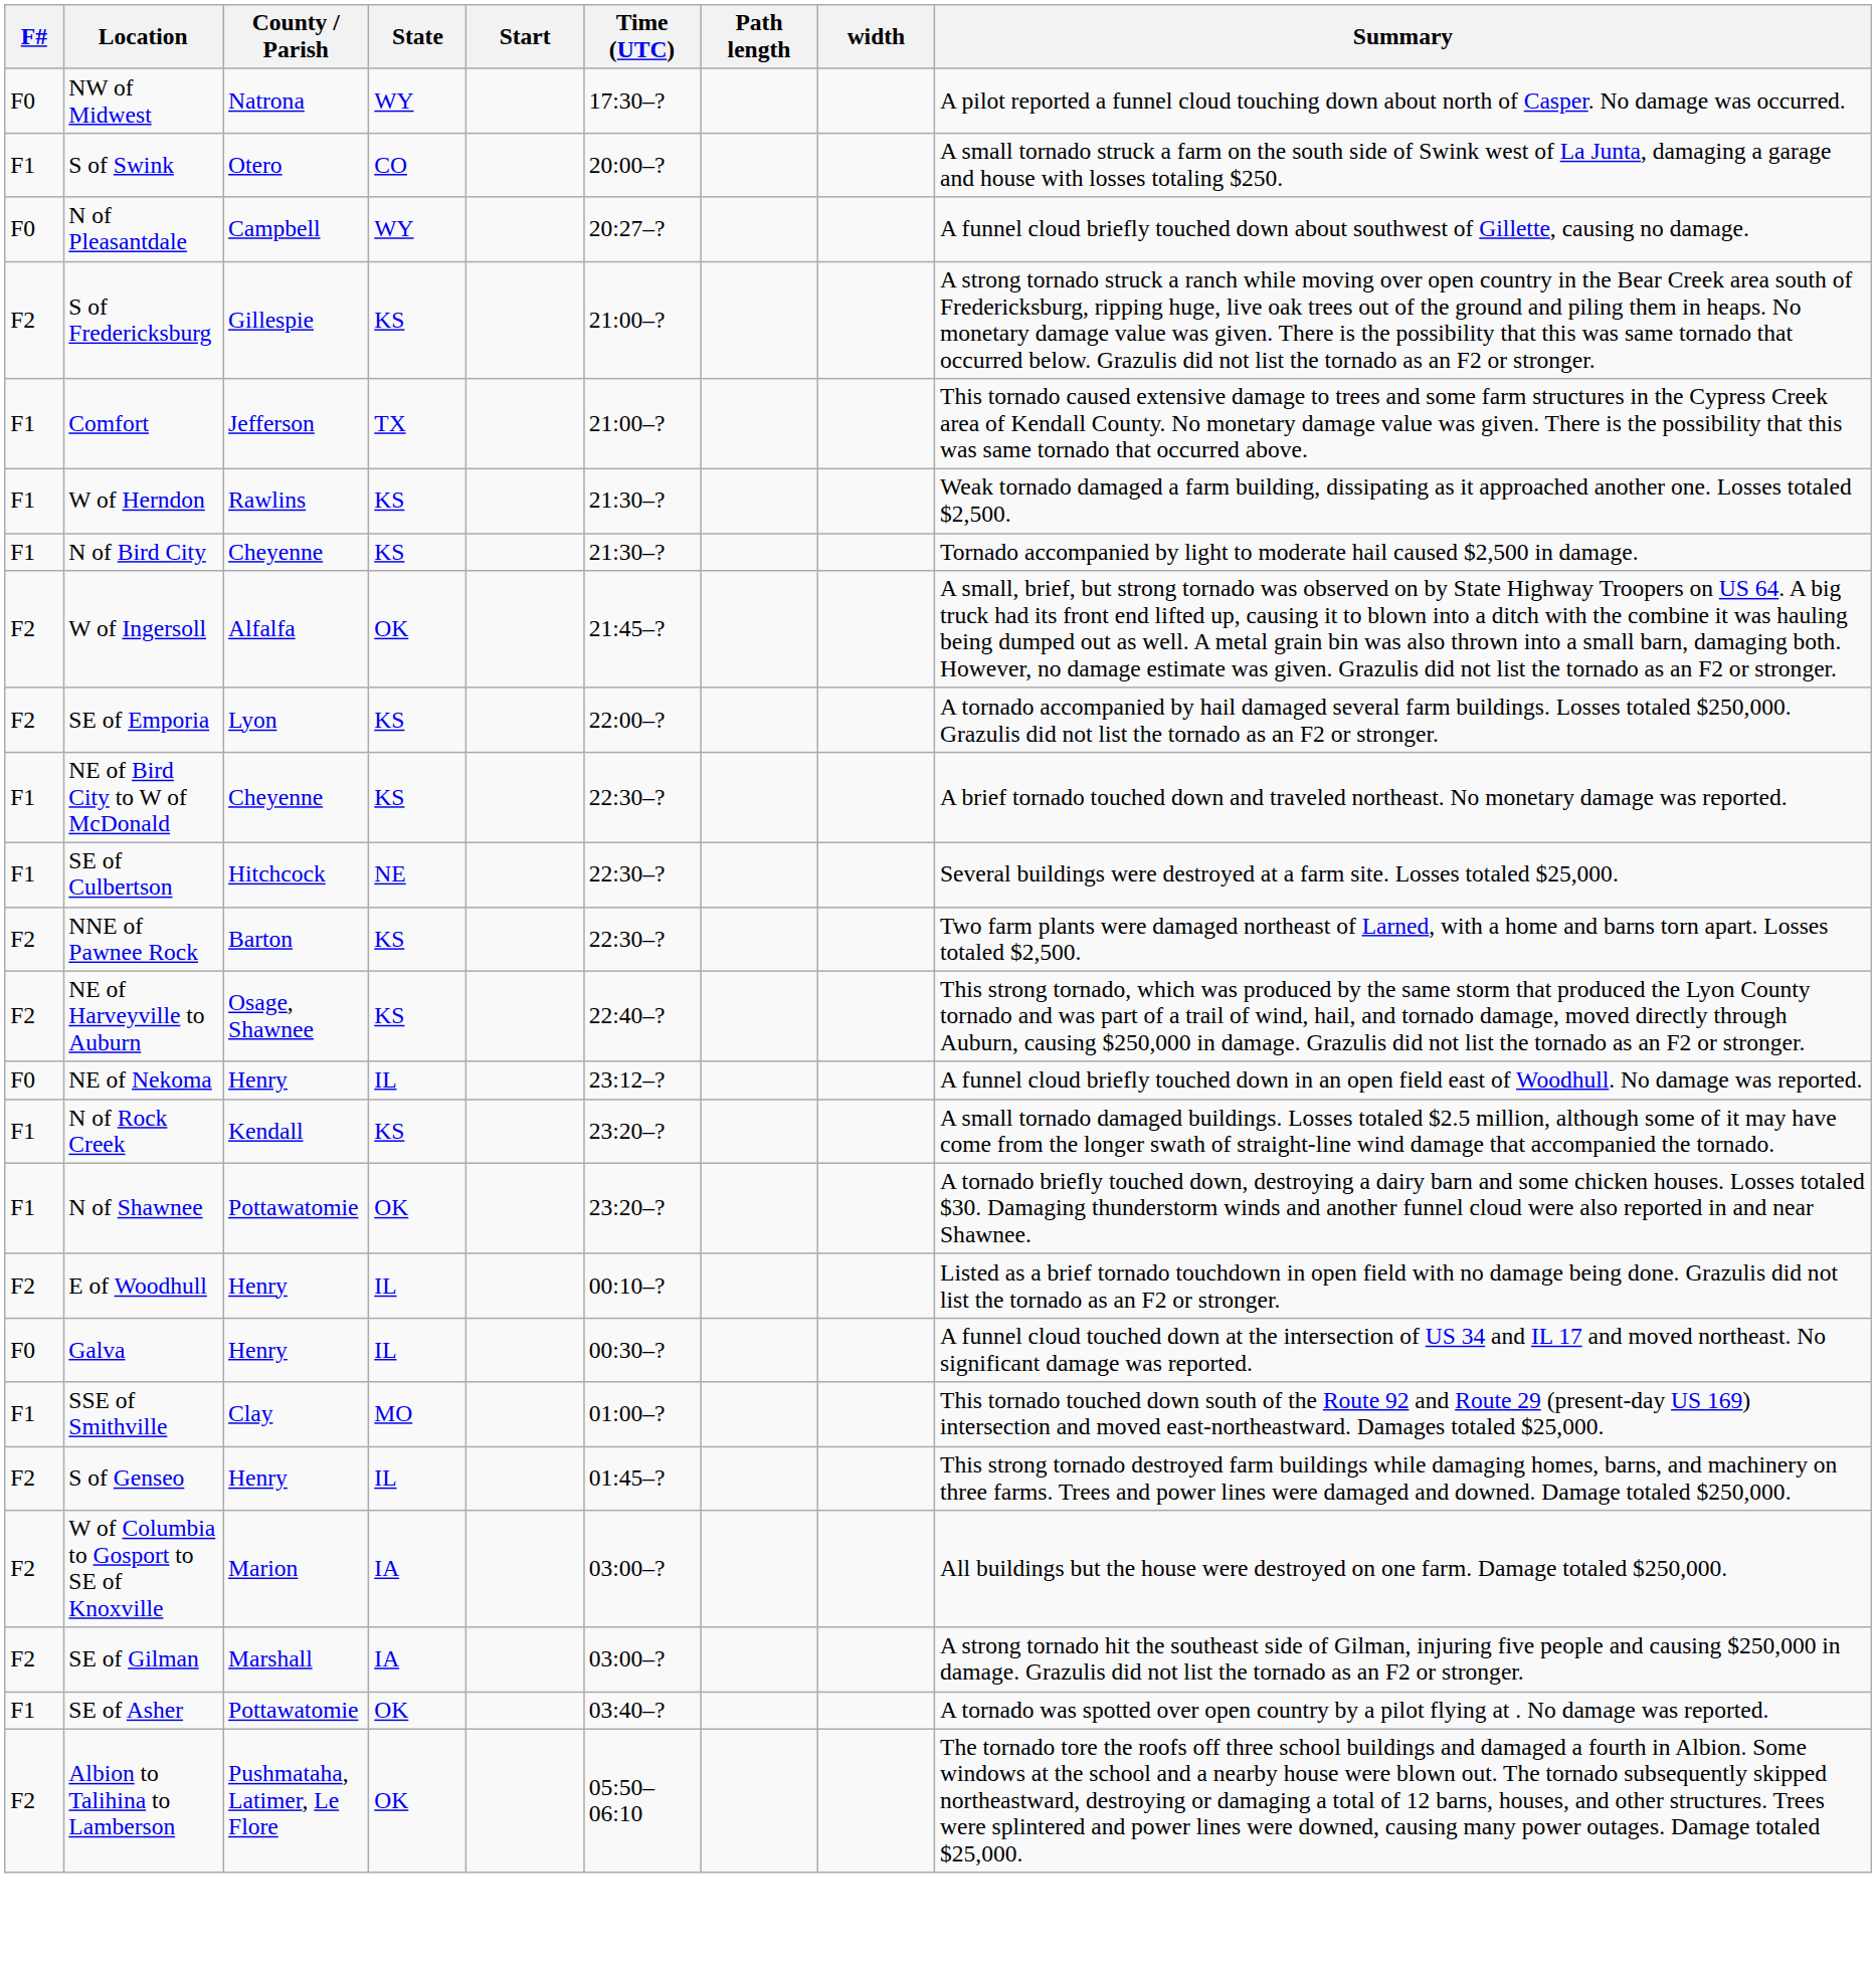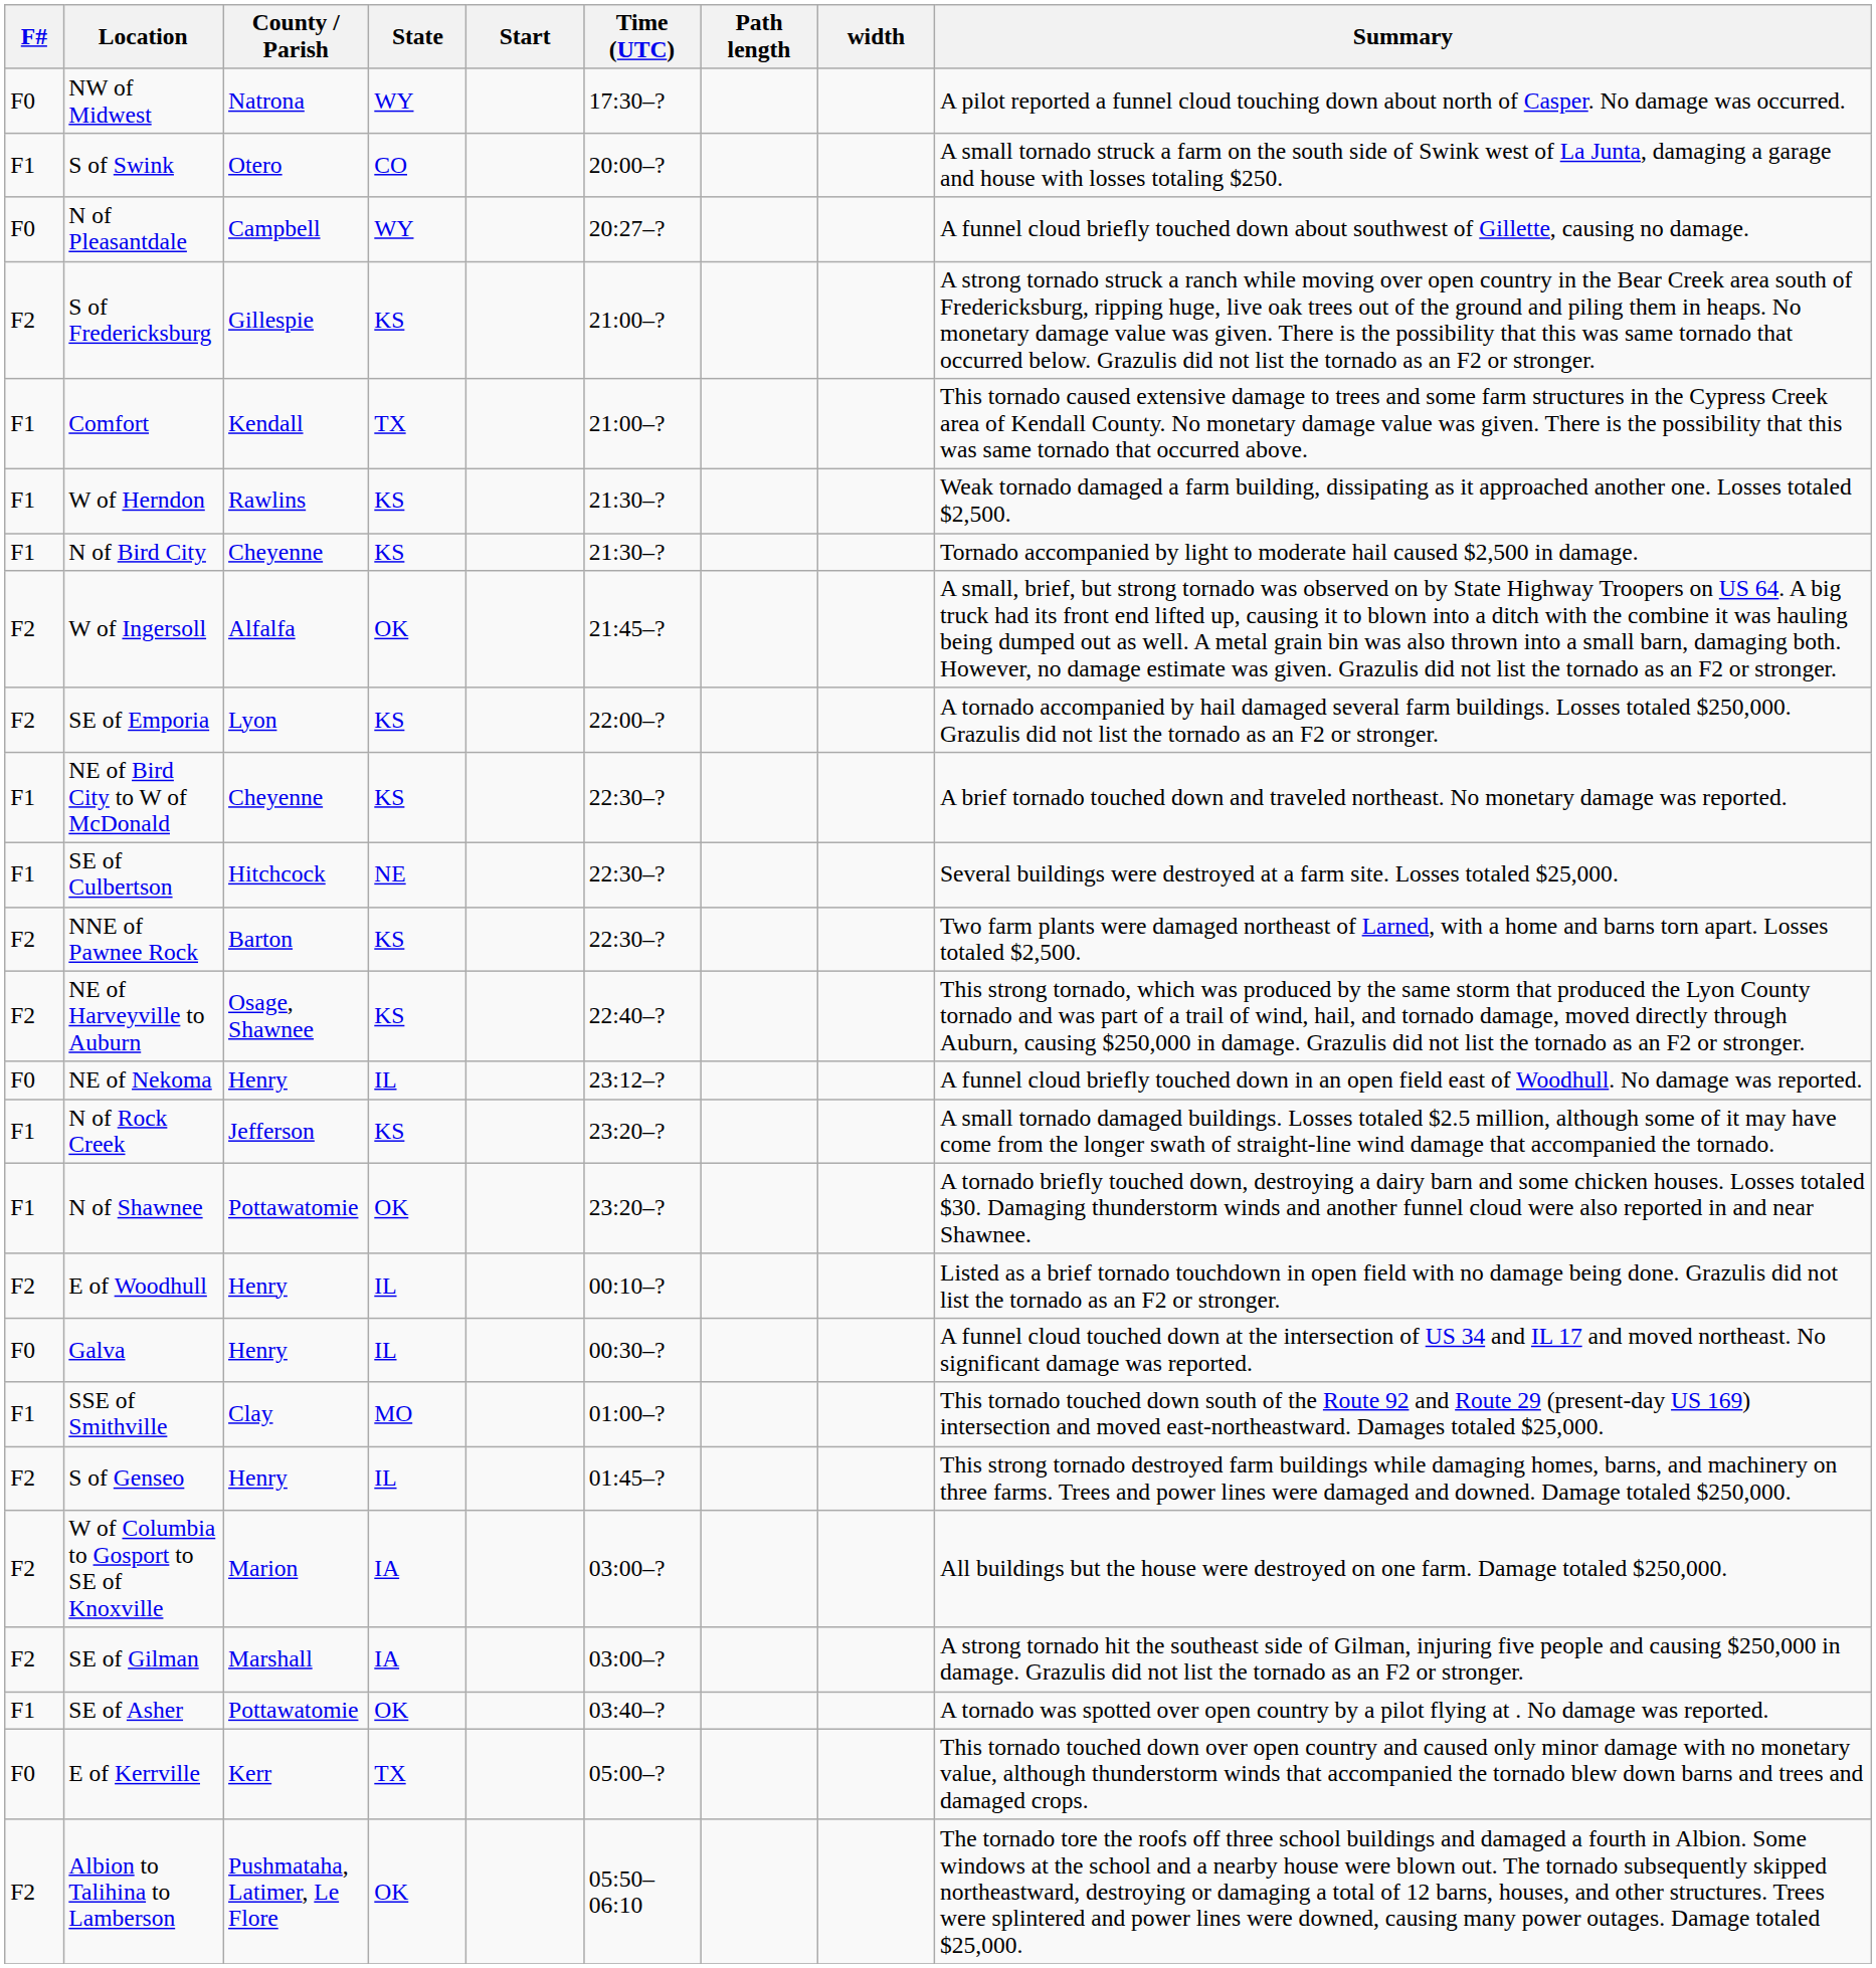 <table class="wikitable sortable" style="width:100%;">
 <tr>
 <th scope="col"  style="width:3%; text-align:center;"><a href='#'>F#</a></th>
 <th scope="col"  style="width:7%; text-align:center;" class="unsortable">Location</th>
 <th scope="col"  style="width:6%; text-align:center;" class="unsortable">County / Parish</th>
 <th scope="col"  style="width:5%; text-align:center;">State</th>
 <th scope="col"  style="width:6%; text-align:center;">Start<br></th>
 <th scope="col"  style="width:6%; text-align:center;">Time (<a href='#'>UTC</a>)</th>
 <th scope="col"  style="width:6%; text-align:center;">Path length</th>
 <th scope="col"  style="width:6%; text-align:center;"> width</th>
 <th scope="col" class="unsortable" style="width:48%; text-align:center;">Summary</th>
 </tr>
 <tr>
 <td>F0</td>
 <td>NW of <a href='#'>Midwest</a></td>
 <td><a href='#'>Natrona</a></td>
 <td><a href='#'>WY</a></td>
 <td></td>
 <td>17:30–?</td>
 <td></td>
 <td></td>
 <td>A pilot reported a funnel cloud touching down about  north of <a href='#'>Casper</a>. No damage was occurred.</td>
 </tr>
 <tr>
 <td>F1</td>
 <td>S of <a href='#'>Swink</a></td>
 <td><a href='#'>Otero</a></td>
 <td><a href='#'>CO</a></td>
 <td></td>
 <td>20:00–?</td>
 <td></td>
 <td></td>
 <td>A small tornado struck a farm on the south side of Swink west of <a href='#'>La Junta</a>, damaging a garage and house with losses totaling $250.</td>
 </tr>
 <tr>
 <td>F0</td>
 <td>N of <a href='#'>Pleasantdale</a></td>
 <td><a href='#'>Campbell</a></td>
 <td><a href='#'>WY</a></td>
 <td></td>
 <td>20:27–?</td>
 <td></td>
 <td></td>
 <td>A funnel cloud briefly touched down about  southwest of <a href='#'>Gillette</a>, causing no damage.</td>
 </tr>
 <tr>
 <td>F2</td>
 <td>S of <a href='#'>Fredericksburg</a></td>
 <td><a href='#'>Gillespie</a></td>
 <td><a href='#'>KS</a></td>
 <td></td>
 <td>21:00–?</td>
 <td></td>
 <td></td>
 <td>A strong tornado struck a ranch while moving over open country in the Bear Creek area south of Fredericksburg, ripping huge, live oak trees out of the ground and piling them in heaps. No monetary damage value was given. There is the possibility that this was same tornado that occurred below. Grazulis did not list the tornado as an F2 or stronger.</td>
 </tr>
 <tr>
 <td>F1</td>
 <td><a href='#'>Comfort</a></td>
-<td><a href='#'>Jefferson</a></td>
+<td><a href='#'>Kendall</a></td>
 <td><a href='#'>TX</a></td>
 <td></td>
 <td>21:00–?</td>
 <td></td>
 <td></td>
 <td>This tornado caused extensive damage to trees and some farm structures in the Cypress Creek area of Kendall County. No monetary damage value was given. There is the possibility that this was same tornado that occurred above.</td>
 </tr>
 <tr>
 <td>F1</td>
 <td>W of <a href='#'>Herndon</a></td>
 <td><a href='#'>Rawlins</a></td>
 <td><a href='#'>KS</a></td>
 <td></td>
 <td>21:30–?</td>
 <td></td>
 <td></td>
 <td>Weak tornado damaged a farm building, dissipating as it approached another one. Losses totaled $2,500.</td>
 </tr>
 <tr>
 <td>F1</td>
 <td>N of <a href='#'>Bird City</a></td>
 <td><a href='#'>Cheyenne</a></td>
 <td><a href='#'>KS</a></td>
 <td></td>
 <td>21:30–?</td>
 <td></td>
 <td></td>
 <td>Tornado accompanied by light to moderate hail caused $2,500 in damage.</td>
 </tr>
 <tr>
 <td>F2</td>
 <td>W of <a href='#'>Ingersoll</a></td>
 <td><a href='#'>Alfalfa</a></td>
 <td><a href='#'>OK</a></td>
 <td></td>
 <td>21:45–?</td>
 <td></td>
 <td></td>
 <td>A small, brief, but strong tornado was observed on by State Highway Troopers on <a href='#'>US 64</a>. A big truck had its front end lifted up, causing it to blown into a ditch with the combine it was hauling being dumped out as well. A metal grain bin was also thrown into a small barn, damaging both. However, no damage estimate was given. Grazulis did not list the tornado as an F2 or stronger.</td>
 </tr>
 <tr>
 <td>F2</td>
 <td>SE of <a href='#'>Emporia</a></td>
 <td><a href='#'>Lyon</a></td>
 <td><a href='#'>KS</a></td>
 <td></td>
 <td>22:00–?</td>
 <td></td>
 <td></td>
 <td>A tornado accompanied by  hail damaged several farm buildings. Losses totaled $250,000. Grazulis did not list the tornado as an F2 or stronger.</td>
 </tr>
 <tr>
 <td>F1</td>
 <td>NE of <a href='#'>Bird City</a> to W of <a href='#'>McDonald</a></td>
 <td><a href='#'>Cheyenne</a></td>
 <td><a href='#'>KS</a></td>
 <td></td>
 <td>22:30–?</td>
 <td></td>
 <td></td>
 <td>A brief tornado touched down and traveled northeast. No monetary damage was reported.</td>
 </tr>
 <tr>
 <td>F1</td>
 <td>SE of <a href='#'>Culbertson</a></td>
 <td><a href='#'>Hitchcock</a></td>
 <td><a href='#'>NE</a></td>
 <td></td>
 <td>22:30–?</td>
 <td></td>
 <td></td>
 <td>Several buildings were destroyed at a farm site. Losses totaled $25,000.</td>
 </tr>
 <tr>
 <td>F2</td>
 <td>NNE of <a href='#'>Pawnee Rock</a></td>
 <td><a href='#'>Barton</a></td>
 <td><a href='#'>KS</a></td>
 <td></td>
 <td>22:30–?</td>
 <td></td>
 <td></td>
 <td>Two farm plants were damaged  northeast of <a href='#'>Larned</a>, with a home and barns torn apart. Losses totaled $2,500.</td>
 </tr>
 <tr>
 <td>F2</td>
 <td>NE of <a href='#'>Harveyville</a> to <a href='#'>Auburn</a></td>
 <td><a href='#'>Osage</a>, <a href='#'>Shawnee</a></td>
 <td><a href='#'>KS</a></td>
 <td></td>
 <td>22:40–?</td>
 <td></td>
 <td></td>
 <td>This strong tornado, which was produced by the same storm that produced the Lyon County tornado and was part of a trail of wind, hail, and tornado damage, moved directly through Auburn, causing $250,000 in damage. Grazulis did not list the tornado as an F2 or stronger.</td>
 </tr>
 <tr>
 <td>F0</td>
 <td>NE of <a href='#'>Nekoma</a></td>
 <td><a href='#'>Henry</a></td>
 <td><a href='#'>IL</a></td>
 <td></td>
 <td>23:12–?</td>
 <td></td>
 <td></td>
 <td>A funnel cloud briefly touched down in an open field  east of <a href='#'>Woodhull</a>. No damage was reported.</td>
 </tr>
 <tr>
 <td>F1</td>
 <td>N of <a href='#'>Rock Creek</a></td>
-<td><a href='#'>Kendall</a></td>
+<td><a href='#'>Jefferson</a></td>
 <td><a href='#'>KS</a></td>
 <td></td>
 <td>23:20–?</td>
 <td></td>
 <td></td>
 <td>A small tornado damaged buildings. Losses totaled $2.5 million, although some of it may have come from the longer swath of straight-line wind damage that accompanied the tornado.</td>
 </tr>
 <tr>
 <td>F1</td>
 <td>N of <a href='#'>Shawnee</a></td>
 <td><a href='#'>Pottawatomie</a></td>
 <td><a href='#'>OK</a></td>
 <td></td>
 <td>23:20–?</td>
 <td></td>
 <td></td>
 <td>A tornado briefly touched down, destroying a dairy barn and some chicken houses. Losses totaled $30. Damaging thunderstorm winds and another funnel cloud were also reported in and near Shawnee.</td>
 </tr>
 <tr>
 <td>F2</td>
 <td>E of <a href='#'>Woodhull</a></td>
 <td><a href='#'>Henry</a></td>
 <td><a href='#'>IL</a></td>
 <td></td>
 <td>00:10–?</td>
 <td></td>
 <td></td>
 <td>Listed as a brief tornado touchdown in open field with no damage being done. Grazulis did not list the tornado as an F2 or stronger.</td>
 </tr>
 <tr>
 <td>F0</td>
 <td><a href='#'>Galva</a></td>
 <td><a href='#'>Henry</a></td>
 <td><a href='#'>IL</a></td>
 <td></td>
 <td>00:30–?</td>
 <td></td>
 <td></td>
 <td>A funnel cloud touched down at the intersection of <a href='#'>US 34</a> and <a href='#'>IL 17</a> and moved northeast. No significant damage was reported.</td>
 </tr>
 <tr>
 <td>F1</td>
 <td>SSE of <a href='#'>Smithville</a></td>
 <td><a href='#'>Clay</a></td>
 <td><a href='#'>MO</a></td>
 <td></td>
 <td>01:00–?</td>
 <td></td>
 <td></td>
 <td>This tornado touched down  south of the <a href='#'>Route 92</a> and <a href='#'>Route 29</a> (present-day <a href='#'>US 169</a>) intersection and moved east-northeastward. Damages totaled $25,000.</td>
 </tr>
 <tr>
 <td>F2</td>
 <td>S of <a href='#'>Genseo</a></td>
 <td><a href='#'>Henry</a></td>
 <td><a href='#'>IL</a></td>
 <td></td>
 <td>01:45–?</td>
 <td></td>
 <td></td>
 <td>This strong tornado destroyed farm buildings while damaging homes, barns, and machinery on three farms. Trees and power lines were damaged and downed. Damage totaled $250,000.</td>
 </tr>
 <tr>
 <td>F2</td>
 <td>W of <a href='#'>Columbia</a> to <a href='#'>Gosport</a> to SE of <a href='#'>Knoxville</a></td>
 <td><a href='#'>Marion</a></td>
 <td><a href='#'>IA</a></td>
 <td></td>
 <td>03:00–?</td>
 <td></td>
 <td></td>
 <td>All buildings but the house were destroyed on one farm. Damage totaled $250,000.</td>
 </tr>
 <tr>
 <td>F2</td>
 <td>SE of <a href='#'>Gilman</a></td>
 <td><a href='#'>Marshall</a></td>
 <td><a href='#'>IA</a></td>
 <td></td>
 <td>03:00–?</td>
 <td></td>
 <td></td>
 <td>A strong tornado hit the southeast side of Gilman, injuring five people and causing $250,000 in damage. Grazulis did not list the tornado as an F2 or stronger.</td>
 </tr>
 <tr>
 <td>F1</td>
 <td>SE of <a href='#'>Asher</a></td>
 <td><a href='#'>Pottawatomie</a></td>
 <td><a href='#'>OK</a></td>
 <td></td>
 <td>03:40–?</td>
 <td></td>
 <td></td>
 <td>A tornado was spotted over open country by a pilot flying at . No damage was reported.</td>
 </tr>
 <tr>
+<td>F0</td>
+<td>E of <a href='#'>Kerrville</a></td>
+<td><a href='#'>Kerr</a></td>
+<td><a href='#'>TX</a></td>
+<td></td>
+<td>05:00–?</td>
+<td></td>
+<td></td>
+<td>This tornado touched down over open country and caused only minor damage with no monetary value, although thunderstorm winds that accompanied the tornado blew down barns and trees and damaged crops.</td>
+</tr>
+<tr>
 <td>F2</td>
 <td><a href='#'>Albion</a> to <a href='#'>Talihina</a> to <a href='#'>Lamberson</a></td>
 <td><a href='#'>Pushmataha</a>, <a href='#'>Latimer</a>, <a href='#'>Le Flore</a></td>
 <td><a href='#'>OK</a></td>
 <td></td>
 <td>05:50–06:10</td>
 <td></td>
 <td></td>
 <td>The tornado tore the roofs off three school buildings and damaged a fourth in Albion. Some windows at the school and a nearby house were blown out. The tornado subsequently skipped northeastward, destroying or damaging a total of 12 barns, houses, and other structures. Trees were splintered and power lines were downed, causing many power outages. Damage totaled $25,000.</td>
 </tr>
 </table>
